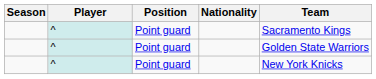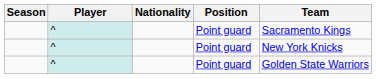 <table class="wikitable plainrowheaders sortable" summary="Season (sortable), Player (sortable), Position (sortable), Nationality (sortable) and Team (sortable)">
 <tr>
 <th scope="col">Season</th>
 <th scope="col" width=23%>Player</th>
+<th scope="col">Nationality</th>
 <th scope="col" width=18%>Position</th>
-<th scope="col">Nationality</th>
 <th scope="col">Team</th>
 </tr>
 <tr>
 <td></td>
 <td style="background-color:#CFECEC">^</td>
+<td></td>
 <td><a href='#'>Point guard</a></td>
-<td></td>
 <td><a href='#'>Sacramento Kings</a></td>
 </tr>
 <tr>
 <td></td>
 <td style="background-color:#CFECEC">^</td>
+<td></td>
 <td><a href='#'>Point guard</a></td>
-<td></td>
-<td><a href='#'>Golden State Warriors</a></td>
+<td><a href='#'>New York Knicks</a></td>
 </tr>
 <tr>
 <td></td>
 <td style="background-color:#CFECEC">^</td>
+<td></td>
 <td><a href='#'>Point guard</a></td>
-<td></td>
-<td><a href='#'>New York Knicks</a></td>
+<td><a href='#'>Golden State Warriors</a></td>
 </tr>
 </table>
